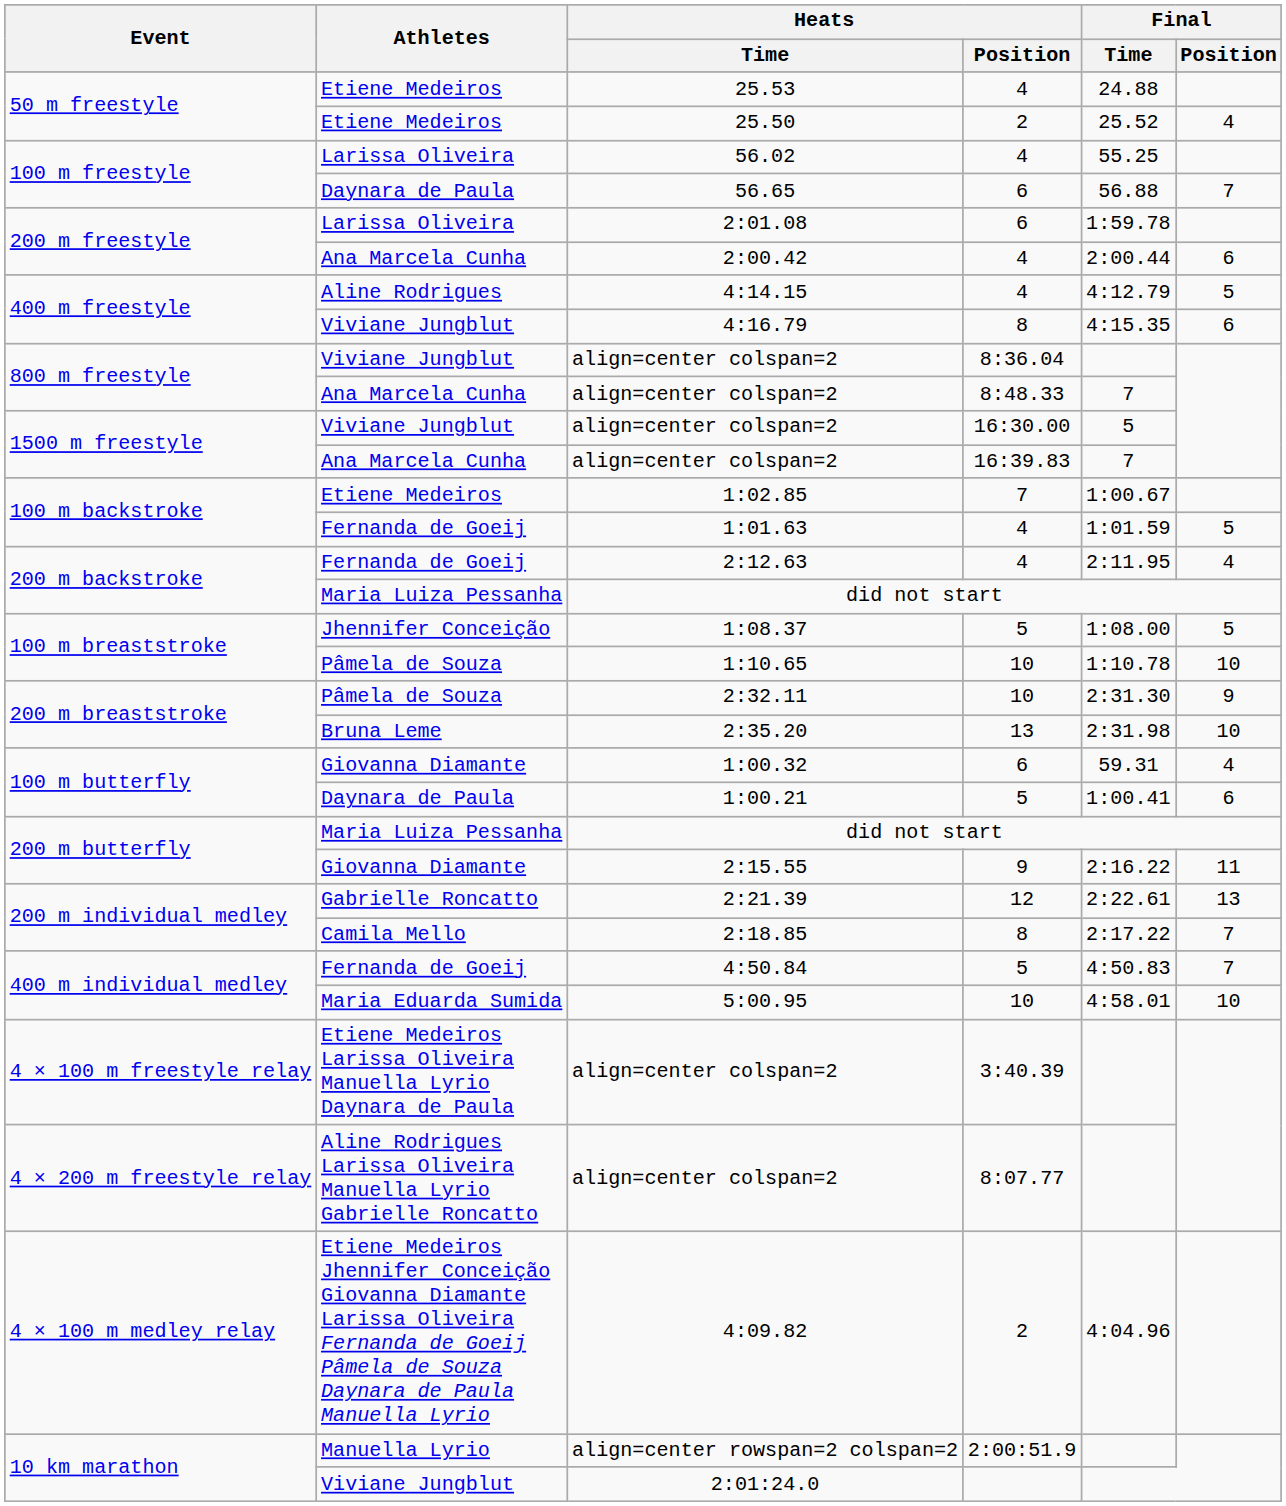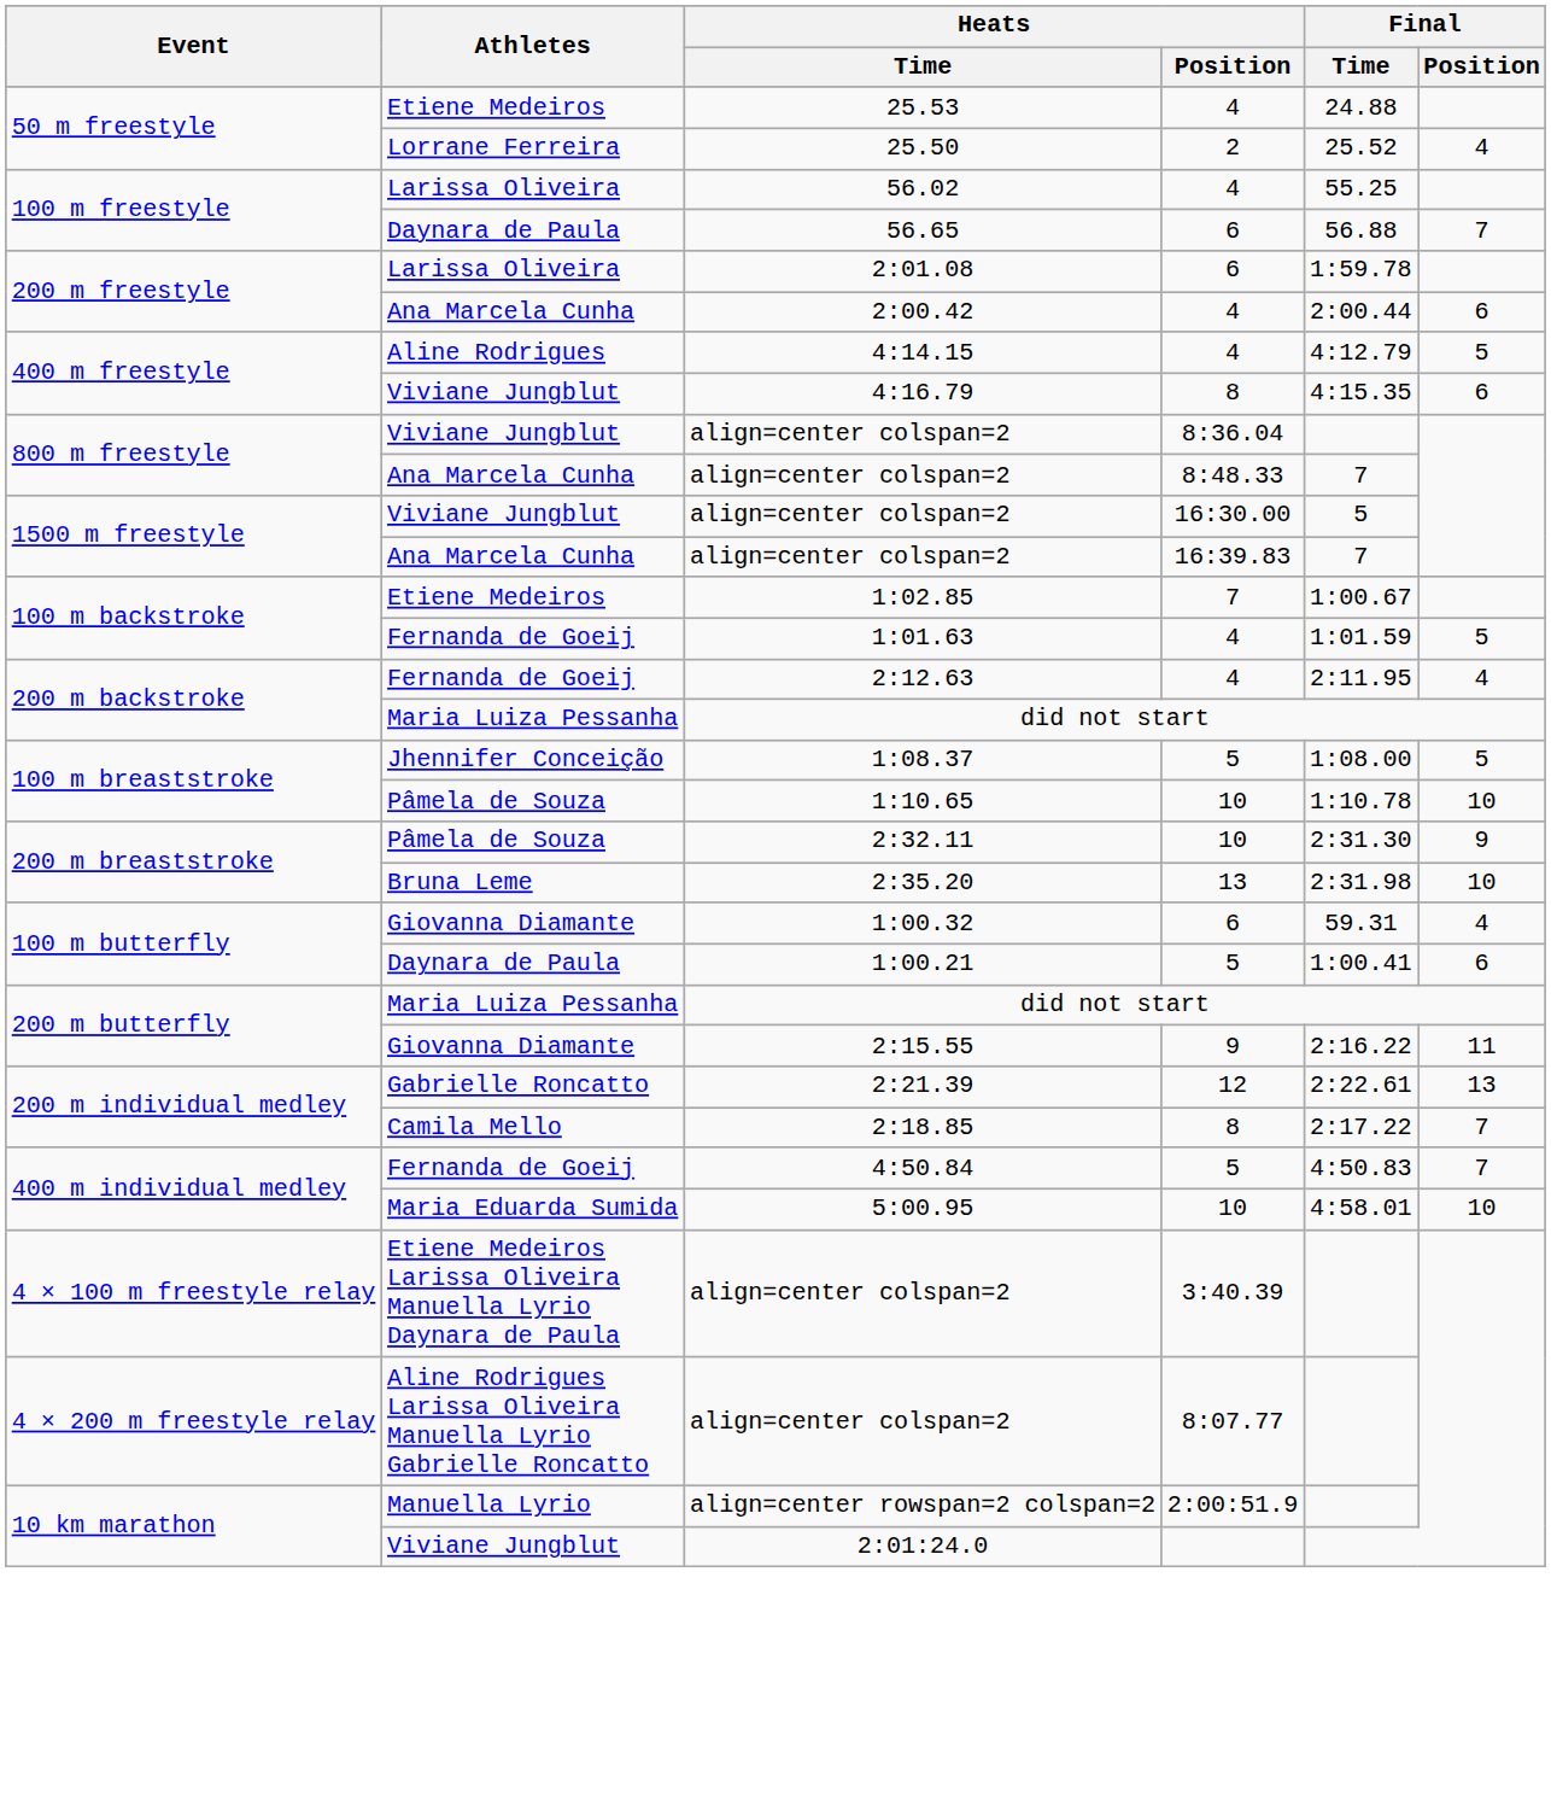 <table class="wikitable" border="1" style="font-size:90%">
 <tr>
 <th rowspan=2>Event</th>
 <th rowspan=2>Athletes</th>
 <th colspan=2>Heats</th>
 <th colspan=2>Final</th>
 </tr>
 <tr>
 <th>Time</th>
 <th>Position</th>
 <th>Time</th>
 <th>Position</th>
 </tr>
 <tr>
 <td rowspan=2><a href='#'>50 m freestyle</a></td>
 <td><a href='#'>Etiene Medeiros</a></td>
 <td align=center>25.53</td>
 <td align=center>4</td>
 <td align=center>24.88</td>
 <td align=center></td>
 </tr>
 <tr>
-<td><a href='#'>Etiene Medeiros</a></td>
+<td><a href='#'>Lorrane Ferreira</a></td>
 <td align=center>25.50</td>
 <td align=center>2</td>
 <td align=center>25.52</td>
 <td align=center>4</td>
 </tr>
 <tr>
 <td rowspan=2><a href='#'>100 m freestyle</a></td>
 <td><a href='#'>Larissa Oliveira</a></td>
 <td align=center>56.02</td>
 <td align=center>4</td>
 <td align=center>55.25</td>
 <td align=center></td>
 </tr>
 <tr>
 <td><a href='#'>Daynara de Paula</a></td>
 <td align=center>56.65</td>
 <td align=center>6</td>
 <td align=center>56.88</td>
 <td align=center>7</td>
 </tr>
 <tr>
 <td rowspan=2><a href='#'>200 m freestyle</a></td>
 <td><a href='#'>Larissa Oliveira</a></td>
 <td align=center>2:01.08</td>
 <td align=center>6</td>
 <td align=center>1:59.78</td>
 <td align=center></td>
 </tr>
 <tr>
 <td><a href='#'>Ana Marcela Cunha</a></td>
 <td align=center>2:00.42</td>
 <td align=center>4</td>
 <td align=center>2:00.44</td>
 <td align=center>6</td>
 </tr>
 <tr>
 <td rowspan=2><a href='#'>400 m freestyle</a></td>
 <td><a href='#'>Aline Rodrigues</a></td>
 <td align=center>4:14.15</td>
 <td align=center>4</td>
 <td align=center>4:12.79</td>
 <td align=center>5</td>
 </tr>
 <tr>
 <td><a href='#'>Viviane Jungblut</a></td>
 <td align=center>4:16.79</td>
 <td align=center>8</td>
 <td align=center>4:15.35</td>
 <td align=center>6</td>
 </tr>
 <tr>
 <td rowspan=2><a href='#'>800 m freestyle</a></td>
 <td><a href='#'>Viviane Jungblut</a></td>
 <td>align=center colspan=2 </td>
 <td align=center>8:36.04</td>
 <td align=center></td>
 </tr>
 <tr>
 <td><a href='#'>Ana Marcela Cunha</a></td>
 <td>align=center colspan=2 </td>
 <td align=center>8:48.33</td>
 <td align=center>7</td>
 </tr>
 <tr>
 <td rowspan=2><a href='#'>1500 m freestyle</a></td>
 <td><a href='#'>Viviane Jungblut</a></td>
 <td>align=center colspan=2 </td>
 <td align=center>16:30.00</td>
 <td align=center>5</td>
 </tr>
 <tr>
 <td><a href='#'>Ana Marcela Cunha</a></td>
 <td>align=center colspan=2 </td>
 <td align=center>16:39.83</td>
 <td align=center>7</td>
 </tr>
 <tr>
 <td rowspan=2><a href='#'>100 m backstroke</a></td>
 <td><a href='#'>Etiene Medeiros</a></td>
 <td align=center>1:02.85</td>
 <td align=center>7</td>
 <td align=center>1:00.67</td>
 <td align=center></td>
 </tr>
 <tr>
 <td><a href='#'>Fernanda de Goeij</a></td>
 <td align=center>1:01.63</td>
 <td align=center>4</td>
 <td align=center>1:01.59</td>
 <td align=center>5</td>
 </tr>
 <tr>
 <td rowspan=2><a href='#'>200 m backstroke</a></td>
 <td><a href='#'>Fernanda de Goeij</a></td>
 <td align=center>2:12.63</td>
 <td align=center>4</td>
 <td align=center>2:11.95</td>
 <td align=center>4</td>
 </tr>
 <tr>
 <td><a href='#'>Maria Luiza Pessanha</a></td>
 <td align=center colspan=4>did not start</td>
 </tr>
 <tr>
 <td rowspan=2><a href='#'>100 m breaststroke</a></td>
 <td><a href='#'>Jhennifer Conceição</a></td>
 <td align=center>1:08.37</td>
 <td align=center>5</td>
 <td align=center>1:08.00</td>
 <td align=center>5</td>
 </tr>
 <tr>
 <td><a href='#'>Pâmela de Souza</a></td>
 <td align=center>1:10.65</td>
 <td align=center>10</td>
 <td align=center>1:10.78</td>
 <td align=center>10</td>
 </tr>
 <tr>
 <td rowspan=2><a href='#'>200 m breaststroke</a></td>
 <td><a href='#'>Pâmela de Souza</a></td>
 <td align=center>2:32.11</td>
 <td align=center>10</td>
 <td align=center>2:31.30</td>
 <td align=center>9</td>
 </tr>
 <tr>
 <td><a href='#'>Bruna Leme</a></td>
 <td align=center>2:35.20</td>
 <td align=center>13</td>
 <td align=center>2:31.98</td>
 <td align=center>10</td>
 </tr>
 <tr>
 <td rowspan=2><a href='#'>100 m butterfly</a></td>
 <td><a href='#'>Giovanna Diamante</a></td>
 <td align=center>1:00.32</td>
 <td align=center>6</td>
 <td align=center>59.31</td>
 <td align=center>4</td>
 </tr>
 <tr>
 <td><a href='#'>Daynara de Paula</a></td>
 <td align=center>1:00.21</td>
 <td align=center>5</td>
 <td align=center>1:00.41</td>
 <td align=center>6</td>
 </tr>
 <tr>
 <td rowspan=2><a href='#'>200 m butterfly</a></td>
 <td><a href='#'>Maria Luiza Pessanha</a></td>
 <td align=center colspan=4>did not start</td>
 </tr>
 <tr>
 <td><a href='#'>Giovanna Diamante</a></td>
 <td align=center>2:15.55</td>
 <td align=center>9</td>
 <td align=center>2:16.22</td>
 <td align=center>11</td>
 </tr>
 <tr>
 <td rowspan=2><a href='#'>200 m individual medley</a></td>
 <td><a href='#'>Gabrielle Roncatto</a></td>
 <td align=center>2:21.39</td>
 <td align=center>12</td>
 <td align=center>2:22.61</td>
 <td align=center>13</td>
 </tr>
 <tr>
 <td><a href='#'>Camila Mello</a></td>
 <td align=center>2:18.85</td>
 <td align=center>8</td>
 <td align=center>2:17.22</td>
 <td align=center>7</td>
 </tr>
 <tr>
 <td rowspan=2><a href='#'>400 m individual medley</a></td>
 <td><a href='#'>Fernanda de Goeij</a></td>
 <td align=center>4:50.84</td>
 <td align=center>5</td>
 <td align=center>4:50.83</td>
 <td align=center>7</td>
 </tr>
 <tr>
 <td><a href='#'>Maria Eduarda Sumida</a></td>
 <td align=center>5:00.95</td>
 <td align=center>10</td>
 <td align=center>4:58.01</td>
 <td align=center>10</td>
 </tr>
 <tr>
 <td><a href='#'>4 × 100 m freestyle relay</a></td>
 <td><a href='#'>Etiene Medeiros</a><br><a href='#'>Larissa Oliveira</a><br><a href='#'>Manuella Lyrio</a><br><a href='#'>Daynara de Paula</a></td>
 <td>align=center colspan=2 </td>
 <td align=center>3:40.39</td>
 <td align=center></td>
 </tr>
 <tr>
 <td><a href='#'>4 × 200 m freestyle relay</a></td>
 <td><a href='#'>Aline Rodrigues</a><br><a href='#'>Larissa Oliveira</a><br><a href='#'>Manuella Lyrio</a><br><a href='#'>Gabrielle Roncatto</a></td>
 <td>align=center colspan=2 </td>
 <td align=center>8:07.77</td>
 <td align=center></td>
 </tr>
 <tr>
-<td><a href='#'>4 × 100 m medley relay</a></td>
-<td><a href='#'>Etiene Medeiros</a><br><a href='#'>Jhennifer Conceição</a> <br><a href='#'>Giovanna Diamante</a><br><a href='#'>Larissa Oliveira</a><br><em><a href='#'>Fernanda de Goeij</a> <br><a href='#'>Pâmela de Souza</a> <br><a href='#'>Daynara de Paula</a> <br><a href='#'>Manuella Lyrio</a></em></td>
-<td align=center>4:09.82</td>
-<td align=center>2</td>
-<td align=center>4:04.96</td>
-<td align=center></td>
-</tr>
-<tr>
 <td rowspan=2><a href='#'>10 km marathon</a></td>
 <td><a href='#'>Manuella Lyrio</a></td>
 <td>align=center rowspan=2 colspan=2 </td>
 <td align=center>2:00:51.9</td>
 <td align=center></td>
 </tr>
 <tr>
 <td><a href='#'>Viviane Jungblut</a></td>
 <td align=center>2:01:24.0</td>
 <td align=center></td>
 </tr>
 </table>
